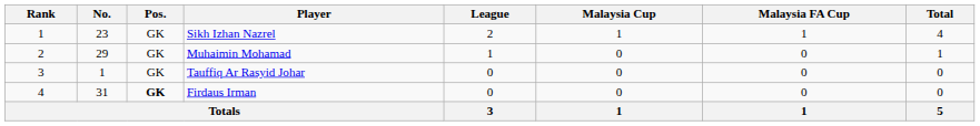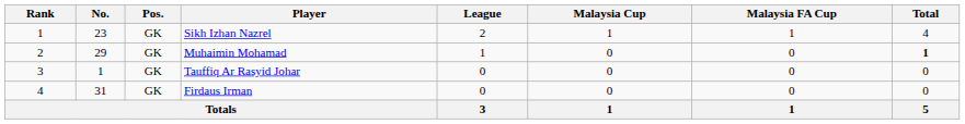 <table class="wikitable sortable" style="text-align:center;width:100%;">
 <tr>
 <th>Rank</th>
 <th>No.</th>
 <th>Pos.</th>
 <th>Player</th>
 <th>League</th>
 <th>Malaysia Cup</th>
 <th>Malaysia FA Cup</th>
 <th>Total</th>
 </tr>
 <tr>
 <td>1</td>
 <td>23</td>
 <td>GK</td>
 <td align="left"> <a href='#'>Sikh Izhan Nazrel</a></td>
 <td>2</td>
 <td>1</td>
 <td>1</td>
 <td>4</td>
 </tr>
 <tr>
 <td rowspan="1">2</td>
 <td>29</td>
 <td>GK</td>
 <td align="left"> <a href='#'>Muhaimin Mohamad</a></td>
 <td>1</td>
 <td>0</td>
 <td>0</td>
-<td>1</td>
+<td><strong>1</strong></td>
 </tr>
 <tr>
 <td rowspan="1">3</td>
 <td>1</td>
 <td>GK</td>
 <td align="left"> <a href='#'>Tauffiq Ar Rasyid Johar</a></td>
 <td>0</td>
 <td>0</td>
 <td>0</td>
 <td>0</td>
 </tr>
 <tr>
 <td>4</td>
 <td>31</td>
-<td><strong>GK</strong></td>
+<td>GK</td>
 <td align="left"> <a href='#'>Firdaus Irman</a></td>
 <td>0</td>
 <td>0</td>
 <td>0</td>
 <td>0</td>
 </tr>
 <tr>
 <th colspan="4"><strong>Totals</strong></th>
 <th>3</th>
 <th>1</th>
 <th>1</th>
 <th>5</th>
 </tr>
 </table>
